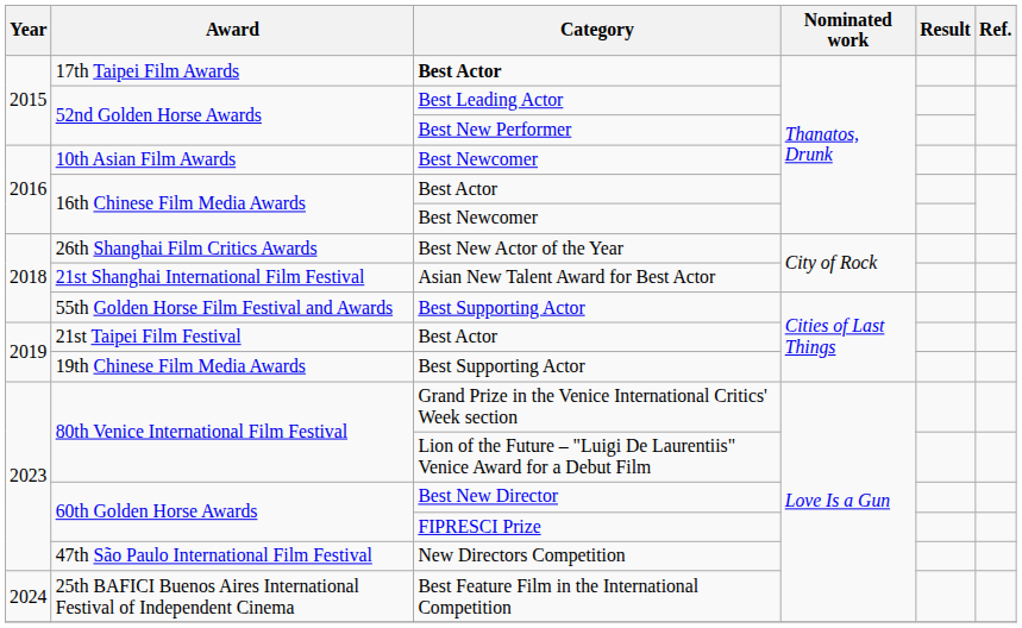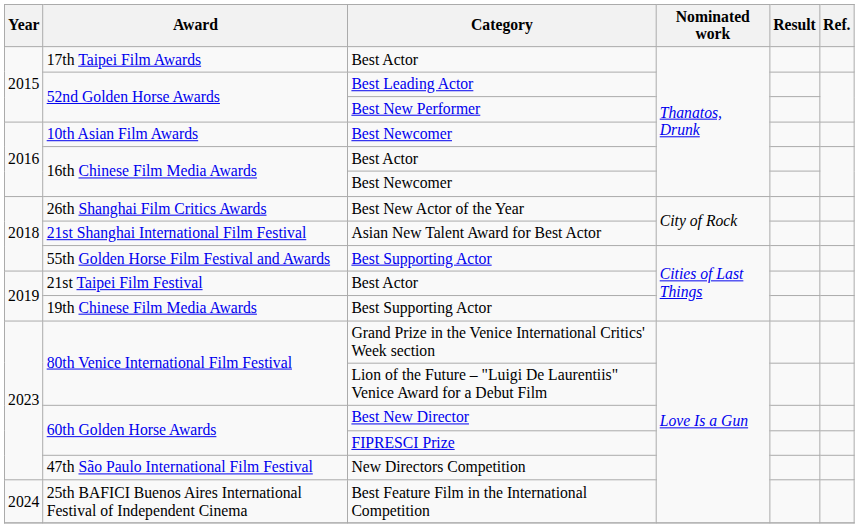 <table class="wikitable sortable">
 <tr>
 <th>Year</th>
 <th>Award</th>
 <th>Category</th>
 <th>Nominated work</th>
 <th>Result</th>
 <th>Ref.</th>
 </tr>
 <tr>
 <td rowspan=3>2015</td>
 <td>17th <a href='#'>Taipei Film Awards</a></td>
-<td><strong>Best Actor</strong></td>
+<td>Best Actor</td>
 <td rowspan=6><em><a href='#'>Thanatos, Drunk</a></em></td>
 <td></td>
 <td></td>
 </tr>
 <tr>
 <td rowspan=2><a href='#'>52nd Golden Horse Awards</a></td>
 <td><a href='#'>Best Leading Actor</a></td>
 <td></td>
 <td rowspan=2></td>
 </tr>
 <tr>
 <td><a href='#'>Best New Performer</a></td>
 <td></td>
 </tr>
 <tr>
 <td rowspan=3>2016</td>
 <td><a href='#'>10th Asian Film Awards</a></td>
 <td><a href='#'>Best Newcomer</a></td>
 <td></td>
 <td></td>
 </tr>
 <tr>
 <td rowspan=2>16th <a href='#'>Chinese Film Media Awards</a></td>
 <td>Best Actor</td>
 <td></td>
 <td rowspan=2></td>
 </tr>
 <tr>
 <td>Best Newcomer</td>
 <td></td>
 </tr>
 <tr>
 <td rowspan=3>2018</td>
 <td>26th <a href='#'>Shanghai Film Critics Awards</a></td>
 <td>Best New Actor of the Year</td>
 <td rowspan=2><em>City of Rock</em></td>
 <td></td>
 <td></td>
 </tr>
 <tr>
 <td><a href='#'>21st Shanghai International Film Festival</a></td>
 <td>Asian New Talent Award for Best Actor</td>
 <td></td>
 <td></td>
 </tr>
 <tr>
 <td>55th <a href='#'>Golden Horse Film Festival and Awards</a></td>
 <td><a href='#'>Best Supporting Actor</a></td>
 <td rowspan=3><em><a href='#'>Cities of Last Things</a></em></td>
 <td></td>
 <td></td>
 </tr>
 <tr>
 <td rowspan=2>2019</td>
 <td>21st <a href='#'>Taipei Film Festival</a></td>
 <td>Best Actor</td>
 <td></td>
 <td></td>
 </tr>
 <tr>
 <td>19th <a href='#'>Chinese Film Media Awards</a></td>
 <td>Best Supporting Actor</td>
 <td></td>
 <td></td>
 </tr>
 <tr>
 <td rowspan=5>2023</td>
 <td rowspan=2><a href='#'>80th Venice International Film Festival</a></td>
 <td>Grand Prize in the Venice International Critics' Week section</td>
 <td rowspan=6><em><a href='#'>Love Is a Gun</a></em></td>
 <td></td>
 <td></td>
 </tr>
 <tr>
 <td>Lion of the Future – "Luigi De Laurentiis" Venice Award for a Debut Film</td>
 <td></td>
 <td></td>
 </tr>
 <tr>
 <td rowspan=2><a href='#'>60th Golden Horse Awards</a></td>
 <td><a href='#'>Best New Director</a></td>
 <td></td>
 <td></td>
 </tr>
 <tr>
 <td><a href='#'>FIPRESCI Prize</a></td>
 <td></td>
 <td></td>
 </tr>
 <tr>
 <td rowspan=1>47th <a href='#'>São Paulo International Film Festival</a></td>
 <td>New Directors Competition</td>
 <td></td>
 <td></td>
 </tr>
 <tr>
 <td rowspan=1>2024</td>
 <td rowspan=1>25th BAFICI Buenos Aires International Festival of Independent Cinema</td>
 <td>Best Feature Film in the International Competition</td>
 <td></td>
 <td></td>
 </tr>
 <tr>
 </tr>
 </table>
